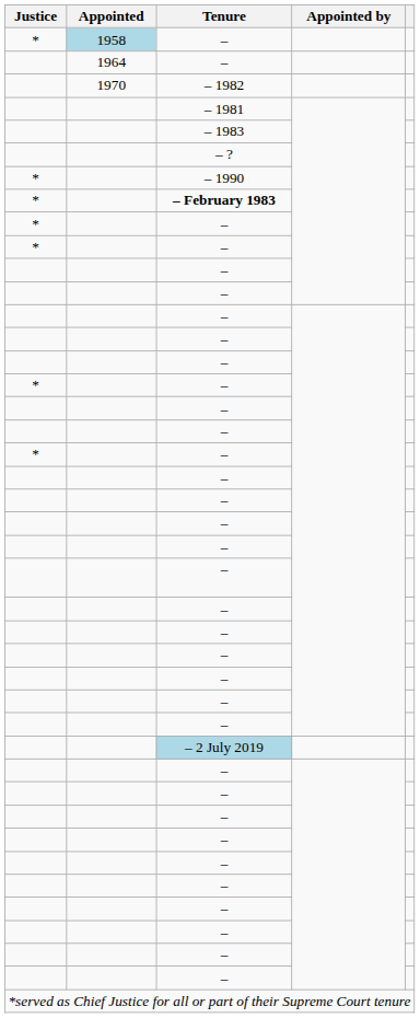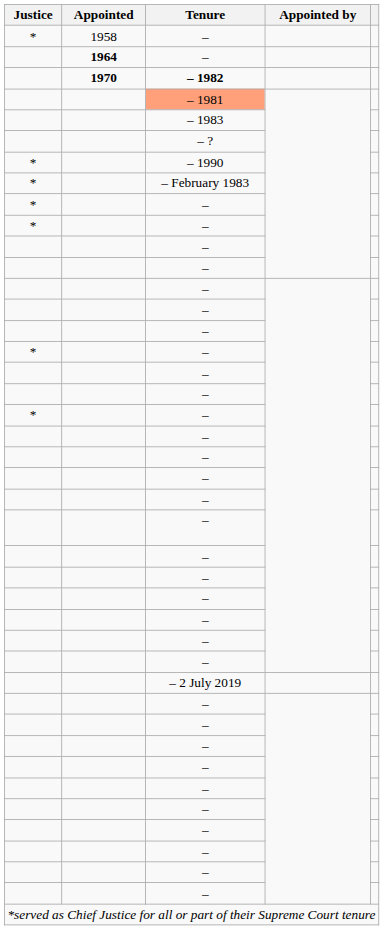 <table class="wikitable sortable" style="text-align:center;">
 <tr>
 <th>Justice</th>
 <th>Appointed</th>
 <th>Tenure</th>
 <th>Appointed by</th>
 <th></th>
 </tr>
 <tr>
 <td>*</td>
-<td style="background: lightblue;">1958</td>
+<td>1958</td>
 <td> – <span></span><br></td>
 <td></td>
 <td></td>
 </tr>
 <tr>
 <td></td>
-<td>1964</td>
+<td><strong>1964</strong></td>
 <td> – <span></span><br></td>
 <td></td>
 <td></td>
 </tr>
 <tr>
 <td></td>
-<td>1970</td>
-<td> – <span>1982</span><br></td>
+<td><strong>1970</strong></td>
+<td><strong> – <span>1982</span><br></strong></td>
 <td></td>
 <td></td>
 </tr>
 <tr>
 <td></td>
 <td></td>
-<td> – 1981<br></td>
+<td style="background: lightsalmon;"> – 1981<br></td>
 <td rowspan="9"></td>
 <td></td>
 </tr>
 <tr>
 <td></td>
 <td></td>
 <td> – <span>1983</span><br></td>
 <td></td>
 </tr>
 <tr>
 <td></td>
 <td></td>
 <td> – ?</td>
 <td></td>
 </tr>
 <tr>
 <td>*</td>
 <td></td>
 <td> – <span>1990</span><br></td>
 <td></td>
 </tr>
 <tr>
 <td>*</td>
 <td></td>
-<td><strong> – <span>February 1983</span><br></strong></td>
+<td> – <span>February 1983</span><br></td>
 <td></td>
 </tr>
 <tr>
 <td>*</td>
 <td></td>
 <td> – <span></span><br></td>
 <td></td>
 </tr>
 <tr>
 <td>*</td>
 <td></td>
 <td> – <span></span><br></td>
 <td></td>
 </tr>
 <tr>
 <td></td>
 <td></td>
 <td> – <span></span><br></td>
 <td></td>
 </tr>
 <tr>
 <td></td>
 <td></td>
 <td> – <span></span><br></td>
 <td></td>
 </tr>
 <tr>
 <td></td>
 <td></td>
 <td> – <span></span><br></td>
 <td rowspan="18"></td>
 <td></td>
 </tr>
 <tr>
 <td></td>
 <td></td>
 <td> – <span></span><br></td>
 <td></td>
 </tr>
 <tr>
 <td></td>
 <td></td>
 <td> – <span></span><br></td>
 <td></td>
 </tr>
 <tr>
 <td>*</td>
 <td></td>
 <td> – <span></span><br></td>
 <td></td>
 </tr>
 <tr>
 <td></td>
 <td></td>
 <td> – <span></span><br></td>
 <td></td>
 </tr>
 <tr>
 <td></td>
 <td></td>
 <td> – <span></span><br></td>
 <td></td>
 </tr>
 <tr>
 <td>*</td>
 <td></td>
 <td> –</td>
 <td></td>
 </tr>
 <tr>
 <td></td>
 <td></td>
 <td> –</td>
 <td></td>
 </tr>
 <tr>
 <td></td>
 <td></td>
 <td> – <br></td>
 <td></td>
 </tr>
 <tr>
 <td></td>
 <td></td>
 <td> – <br></td>
 <td></td>
 </tr>
 <tr>
 <td><br></td>
 <td></td>
 <td> – <span></span><br></td>
 <td></td>
 </tr>
 <tr>
 <td></td>
 <td></td>
 <td><span></span> – <br><br></td>
 <td></td>
 </tr>
 <tr>
 <td></td>
 <td></td>
 <td> – <br></td>
 <td></td>
 </tr>
 <tr>
 <td></td>
 <td></td>
 <td> – <br></td>
 <td></td>
 </tr>
 <tr>
 <td></td>
 <td></td>
 <td> –</td>
 <td></td>
 </tr>
 <tr>
 <td></td>
 <td></td>
 <td> –</td>
 <td></td>
 </tr>
 <tr>
 <td></td>
 <td></td>
 <td> –</td>
 <td></td>
 </tr>
 <tr>
 <td></td>
 <td></td>
 <td> –</td>
 <td></td>
 </tr>
 <tr>
 <td><br></td>
 <td></td>
-<td style="background: lightblue;"> – 2 July 2019</td>
+<td> – 2 July 2019</td>
 <td></td>
 <td></td>
 </tr>
 <tr>
 <td></td>
 <td></td>
 <td> – <br></td>
 <td rowspan="10"></td>
 <td></td>
 </tr>
 <tr>
 <td></td>
 <td></td>
 <td> –</td>
 <td></td>
 </tr>
 <tr>
 <td></td>
 <td></td>
 <td> –</td>
 <td></td>
 </tr>
 <tr>
 <td></td>
 <td></td>
 <td> –</td>
 <td></td>
 </tr>
 <tr>
 <td></td>
 <td></td>
 <td> –</td>
 <td></td>
 </tr>
 <tr>
 <td></td>
 <td></td>
 <td> –</td>
 <td></td>
 </tr>
 <tr>
 <td></td>
 <td></td>
 <td> –</td>
 <td></td>
 </tr>
 <tr>
 <td></td>
 <td></td>
 <td> –</td>
 <td></td>
 </tr>
 <tr>
 <td></td>
 <td></td>
 <td> –</td>
 <td></td>
 </tr>
 <tr>
 <td></td>
 <td></td>
 <td> –</td>
 <td></td>
 </tr>
 <tr>
 <td colspan="5"><em>*served as Chief Justice for all or part of their Supreme Court tenure</em></td>
 </tr>
 </table>
